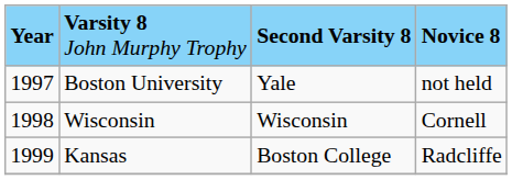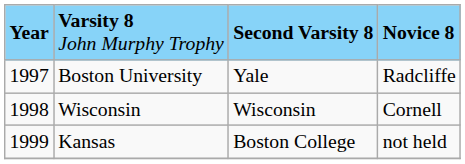 <table class="wikitable" style="font-size:85%;">
 <tr ! style="background-color: #87D3F8;">
 <td><strong>Year</strong></td>
 <td><strong>Varsity 8</strong><br><em>John Murphy Trophy</em></td>
 <td><strong>Second Varsity 8</strong></td>
 <td><strong>Novice 8</strong></td>
 </tr>
 <tr --->
 <td>1997</td>
 <td>Boston University</td>
 <td>Yale</td>
-<td>not held</td>
+<td>Radcliffe</td>
 </tr>
 <tr --->
 <td>1998</td>
 <td>Wisconsin</td>
 <td>Wisconsin</td>
 <td>Cornell</td>
 </tr>
 <tr --->
 <td>1999</td>
 <td>Kansas</td>
 <td>Boston College</td>
-<td>Radcliffe</td>
+<td>not held</td>
 </tr>
 <tr --->
 </tr>
 </table>
